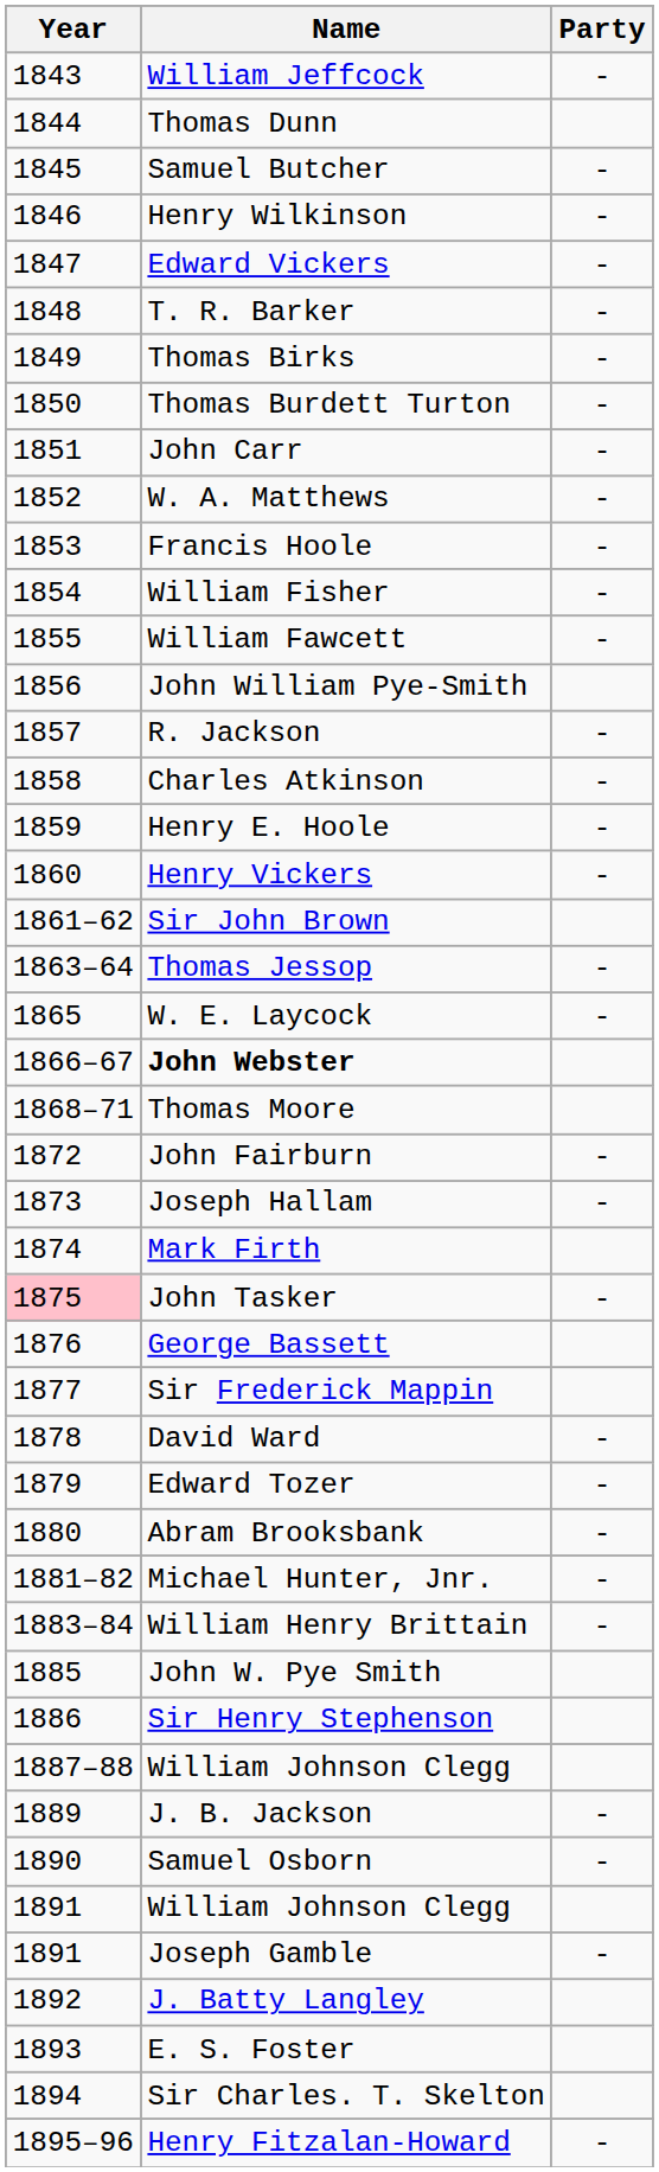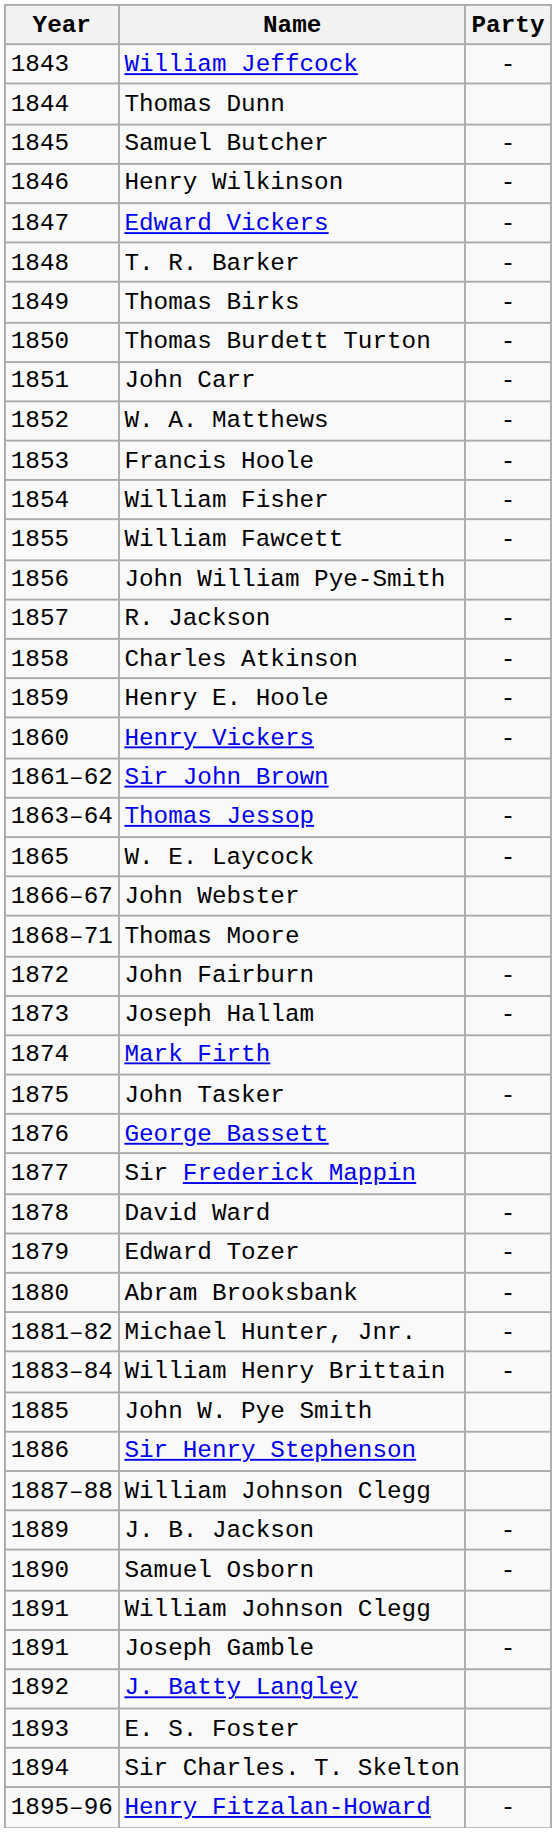 <table class="wikitable">
 <tr>
 <th>Year</th>
 <th>Name</th>
 <th colspan=2>Party</th>
 </tr>
 <tr>
 <td>1843</td>
 <td><a href='#'>William Jeffcock</a></td>
 <td colspan="2" style="text-align:center">-</td>
 </tr>
 <tr>
 <td>1844</td>
 <td>Thomas Dunn</td>
 <td></td>
 </tr>
 <tr>
 <td>1845</td>
 <td>Samuel Butcher</td>
 <td colspan="2" style="text-align:center">-</td>
 </tr>
 <tr>
 <td>1846</td>
 <td>Henry Wilkinson</td>
 <td colspan="2" style="text-align:center">-</td>
 </tr>
 <tr>
 <td>1847</td>
 <td><a href='#'>Edward Vickers</a></td>
 <td colspan="2" style="text-align:center">-</td>
 </tr>
 <tr>
 <td>1848</td>
 <td>T. R. Barker</td>
 <td colspan="2" style="text-align:center">-</td>
 </tr>
 <tr>
 <td>1849</td>
 <td>Thomas Birks</td>
 <td colspan="2" style="text-align:center">-</td>
 </tr>
 <tr>
 <td>1850</td>
 <td>Thomas Burdett Turton</td>
 <td colspan="2" style="text-align:center">-</td>
 </tr>
 <tr>
 <td>1851</td>
 <td>John Carr</td>
 <td colspan="2" style="text-align:center">-</td>
 </tr>
 <tr>
 <td>1852</td>
 <td>W. A. Matthews</td>
 <td colspan="2" style="text-align:center">-</td>
 </tr>
 <tr>
 <td>1853</td>
 <td>Francis Hoole</td>
 <td colspan="2" style="text-align:center">-</td>
 </tr>
 <tr>
 <td>1854</td>
 <td>William Fisher</td>
 <td colspan="2" style="text-align:center">-</td>
 </tr>
 <tr>
 <td>1855</td>
 <td>William Fawcett</td>
 <td colspan="2" style="text-align:center">-</td>
 </tr>
 <tr>
 <td>1856</td>
 <td>John William Pye-Smith</td>
 <td></td>
 </tr>
 <tr>
 <td>1857</td>
 <td>R. Jackson</td>
 <td colspan="2" style="text-align:center">-</td>
 </tr>
 <tr>
 <td>1858</td>
 <td>Charles Atkinson</td>
 <td colspan="2" style="text-align:center">-</td>
 </tr>
 <tr>
 <td>1859</td>
 <td>Henry E. Hoole</td>
 <td colspan="2" style="text-align:center">-</td>
 </tr>
 <tr>
 <td>1860</td>
 <td><a href='#'>Henry Vickers</a></td>
 <td colspan="2" style="text-align:center">-</td>
 </tr>
 <tr>
 <td>1861–62</td>
 <td><a href='#'>Sir John Brown</a></td>
 <td></td>
 </tr>
 <tr>
 <td>1863–64</td>
 <td><a href='#'>Thomas Jessop</a></td>
 <td colspan="2" style="text-align:center">-</td>
 </tr>
 <tr>
 <td>1865</td>
 <td>W. E. Laycock</td>
 <td colspan="2" style="text-align:center">-</td>
 </tr>
 <tr>
 <td>1866–67</td>
-<td><strong>John Webster</strong></td>
+<td>John Webster</td>
 <td></td>
 </tr>
 <tr>
 <td>1868–71</td>
 <td>Thomas Moore</td>
 <td></td>
 </tr>
 <tr>
 <td>1872</td>
 <td>John Fairburn</td>
 <td colspan="2" style="text-align:center">-</td>
 </tr>
 <tr>
 <td>1873</td>
 <td>Joseph Hallam</td>
 <td colspan="2" style="text-align:center">-</td>
 </tr>
 <tr>
 <td>1874</td>
 <td><a href='#'>Mark Firth</a></td>
 <td></td>
 </tr>
 <tr>
-<td style="background: pink;">1875</td>
+<td>1875</td>
 <td>John Tasker</td>
 <td colspan="2" style="text-align:center">-</td>
 </tr>
 <tr>
 <td>1876</td>
 <td><a href='#'>George Bassett</a></td>
 <td></td>
 </tr>
 <tr>
 <td>1877</td>
 <td>Sir <a href='#'>Frederick Mappin</a></td>
 <td></td>
 </tr>
 <tr>
 <td>1878</td>
 <td>David Ward</td>
 <td colspan="2" style="text-align:center">-</td>
 </tr>
 <tr>
 <td>1879</td>
 <td>Edward Tozer</td>
 <td colspan="2" style="text-align:center">-</td>
 </tr>
 <tr>
 <td>1880</td>
 <td>Abram Brooksbank</td>
 <td colspan="2" style="text-align:center">-</td>
 </tr>
 <tr>
 <td>1881–82</td>
 <td>Michael Hunter, Jnr.</td>
 <td colspan="2" style="text-align:center">-</td>
 </tr>
 <tr>
 <td>1883–84</td>
 <td>William Henry Brittain</td>
 <td colspan="2" style="text-align:center">-</td>
 </tr>
 <tr>
 <td>1885</td>
 <td>John W. Pye Smith</td>
 <td></td>
 </tr>
 <tr>
 <td>1886</td>
 <td><a href='#'>Sir Henry Stephenson</a></td>
 <td></td>
 </tr>
 <tr>
 <td>1887–88</td>
 <td>William Johnson Clegg</td>
 <td></td>
 </tr>
 <tr>
 <td>1889</td>
 <td>J. B. Jackson</td>
 <td colspan="2" style="text-align:center">-</td>
 </tr>
 <tr>
 <td>1890</td>
 <td>Samuel Osborn</td>
 <td colspan="2" style="text-align:center">-</td>
 </tr>
 <tr>
 <td>1891</td>
 <td>William Johnson Clegg</td>
 <td></td>
 </tr>
 <tr>
 <td>1891</td>
 <td>Joseph Gamble</td>
 <td colspan="2" style="text-align:center">-</td>
 </tr>
 <tr>
 <td>1892</td>
 <td><a href='#'>J. Batty Langley</a></td>
 <td></td>
 </tr>
 <tr>
 <td>1893</td>
 <td>E. S. Foster</td>
 <td></td>
 </tr>
 <tr>
 <td>1894</td>
 <td>Sir Charles. T. Skelton</td>
 <td></td>
 </tr>
 <tr>
 <td>1895–96</td>
 <td><a href='#'>Henry Fitzalan-Howard</a></td>
 <td colspan="2" style="text-align:center">-</td>
 </tr>
 </table>
